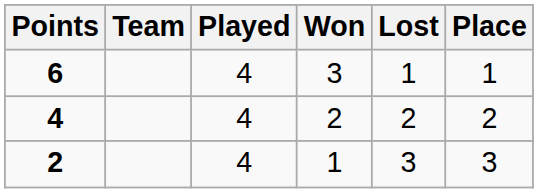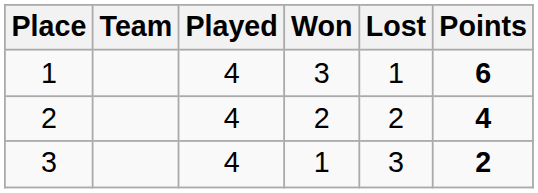 <table class="wikitable">
 <tr>
-<th>Points</th>
+<th>Place</th>
 <th>Team</th>
 <th>Played</th>
 <th>Won</th>
 <th>Lost</th>
-<th>Place</th>
+<th>Points</th>
 </tr>
 <tr align="center">
-<td><strong>6</strong></td>
+<td>1</td>
 <td align="left"></td>
 <td>4</td>
 <td>3</td>
 <td>1</td>
-<td>1</td>
+<td><strong>6</strong></td>
 </tr>
 <tr align="center">
-<td><strong>4</strong></td>
+<td>2</td>
 <td align="left"></td>
 <td>4</td>
 <td>2</td>
 <td>2</td>
-<td>2</td>
+<td><strong>4</strong></td>
 </tr>
 <tr align="center">
-<td><strong>2</strong></td>
+<td>3</td>
 <td align="left"></td>
 <td>4</td>
 <td>1</td>
 <td>3</td>
-<td>3</td>
+<td><strong>2</strong></td>
 </tr>
 </table>
